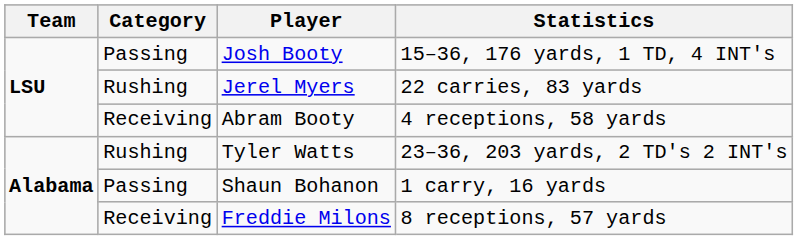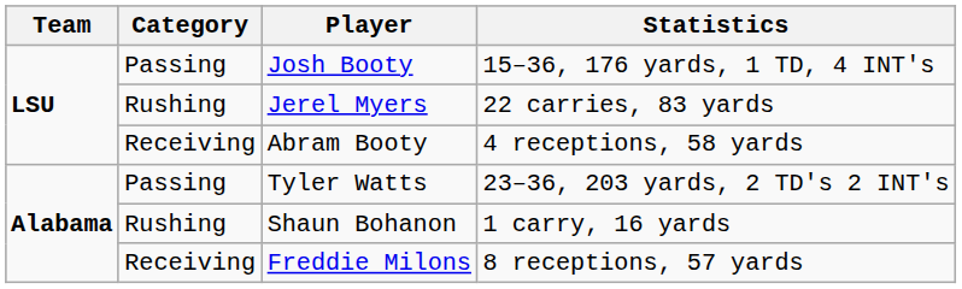 <table class="wikitable" style="float: right;">
 <tr>
 <th>Team</th>
 <th>Category</th>
 <th>Player</th>
 <th>Statistics</th>
 </tr>
 <tr>
 <td rowspan=3><strong>LSU</strong></td>
 <td>Passing</td>
 <td><a href='#'>Josh Booty</a></td>
 <td>15–36, 176 yards, 1 TD, 4 INT's</td>
 </tr>
 <tr>
 <td>Rushing</td>
 <td><a href='#'>Jerel Myers</a></td>
 <td>22 carries, 83 yards</td>
 </tr>
 <tr>
 <td>Receiving</td>
 <td>Abram Booty</td>
 <td>4 receptions, 58 yards</td>
 </tr>
 <tr>
 <td rowspan=3><strong>Alabama</strong></td>
-<td>Rushing</td>
+<td>Passing</td>
 <td>Tyler Watts</td>
 <td>23–36, 203 yards, 2 TD's 2 INT's</td>
 </tr>
 <tr>
-<td>Passing</td>
+<td>Rushing</td>
 <td>Shaun Bohanon</td>
 <td>1 carry, 16 yards</td>
 </tr>
 <tr>
 <td>Receiving</td>
 <td><a href='#'>Freddie Milons</a></td>
 <td>8 receptions, 57 yards</td>
 </tr>
 </table>
